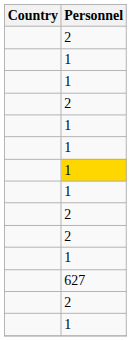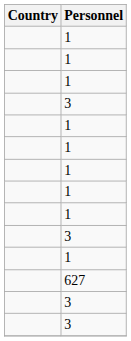 <table class="wikitable sortable">
 <tr>
 <th scope="col">Country</th>
 <th scope="col">Personnel</th>
-</tr>
-<tr>
-<td></td>
-<td>2</td>
 </tr>
 <tr>
 <td></td>
 <td>1</td>
 </tr>
 <tr>
 <td></td>
 <td>1</td>
 </tr>
 <tr>
 <td></td>
-<td>2</td>
+<td>1</td>
+</tr>
+<tr>
+<td></td>
+<td>3</td>
 </tr>
 <tr>
 <td></td>
 <td>1</td>
 </tr>
 <tr>
 <td></td>
 <td>1</td>
 </tr>
 <tr>
 <td></td>
-<td style="background: gold;">1</td>
+<td>1</td>
 </tr>
 <tr>
 <td></td>
 <td>1</td>
 </tr>
 <tr>
 <td></td>
-<td>2</td>
+<td>1</td>
 </tr>
 <tr>
 <td></td>
-<td>2</td>
+<td>3</td>
 </tr>
 <tr>
 <td></td>
 <td>1</td>
 </tr>
 <tr>
 <td></td>
 <td>627</td>
 </tr>
 <tr>
 <td></td>
-<td>2</td>
+<td>3</td>
 </tr>
 <tr>
 <td></td>
-<td>1</td>
+<td>3</td>
 </tr>
 <tr>
 </tr>
 </table>
